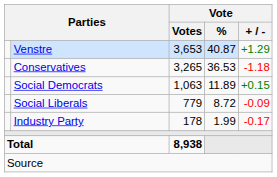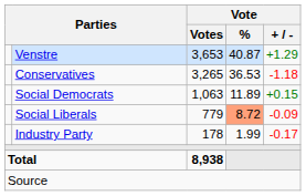 <table class="wikitable" style="text-align:right;">
 <tr>
 <th style="text-align:centre;" rowspan="2" colspan="2" width="225">Parties</th>
 <th colspan="3">Vote</th>
 </tr>
 <tr>
 <th width="15">Votes</th>
 <th width="15">%</th>
 <th width="15">+ / -</th>
 </tr>
 <tr>
 <td width="2" style="color:inherit;background:"></td>
 <td bgcolor=#cfe5fe  align="left"><a href='#'>Venstre</a></td>
 <td bgcolor=#cfe5fe>3,653</td>
 <td bgcolor=#cfe5fe>40.87</td>
 <td style=color:green;>+1.29</td>
 </tr>
 <tr>
 <td width="2" style="color:inherit;background:"></td>
 <td align="left"><a href='#'>Conservatives</a></td>
 <td>3,265</td>
 <td>36.53</td>
 <td style=color:red;>-1.18</td>
 </tr>
 <tr>
 <td width="2" style="color:inherit;background:"></td>
 <td align="left"><a href='#'>Social Democrats</a></td>
 <td>1,063</td>
 <td>11.89</td>
 <td style=color:green;>+0.15</td>
 </tr>
 <tr>
 <td width="2" style="color:inherit;background:"></td>
 <td align="left"><a href='#'>Social Liberals</a></td>
 <td>779</td>
-<td>8.72</td>
+<td style="background: lightsalmon;">8.72</td>
 <td style=color:red;>-0.09</td>
 </tr>
 <tr>
 <td width="2" style="color:inherit;background:"></td>
 <td align="left"><a href='#'>Industry Party</a></td>
 <td>178</td>
 <td>1.99</td>
 <td style=color:red;>-0.17</td>
 </tr>
 <tr>
 <td colspan="7" bgcolor="#E9E9E9"></td>
 </tr>
 <tr>
 <td align="left" colspan="2"><strong>Total</strong></td>
 <td><strong>8,938</strong></td>
 <td bgcolor="#E9E9E9" colspan="2"></td>
 </tr>
 <tr>
 <td align="left" colspan="6">Source</td>
 </tr>
 </table>
